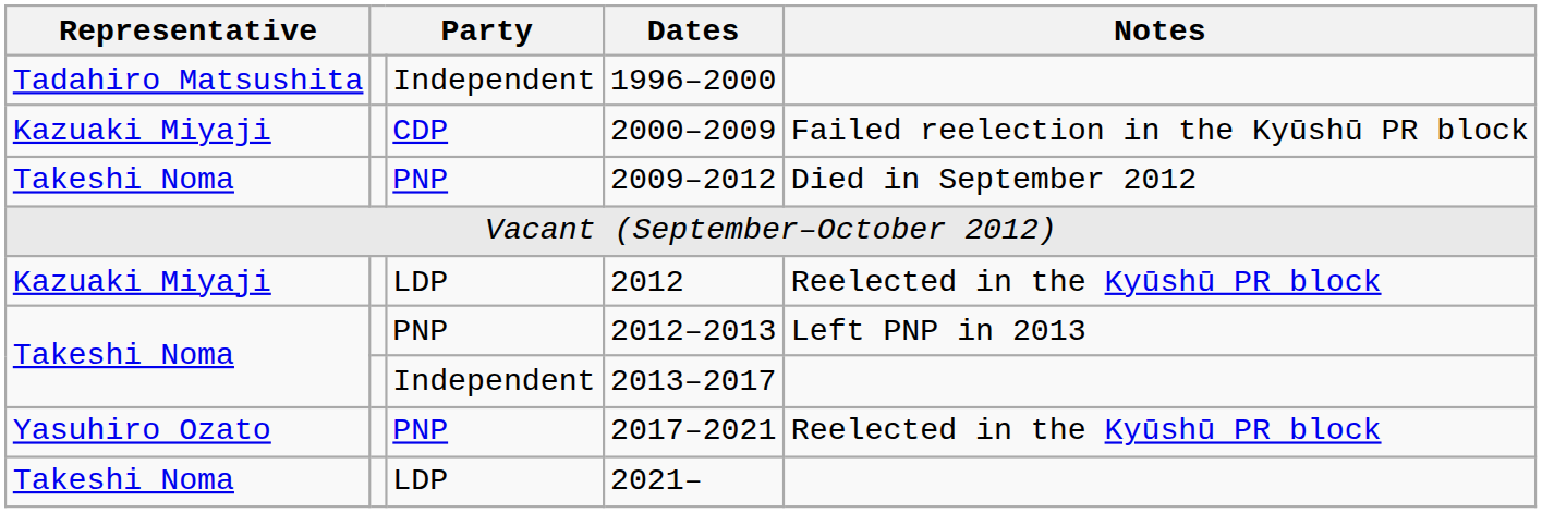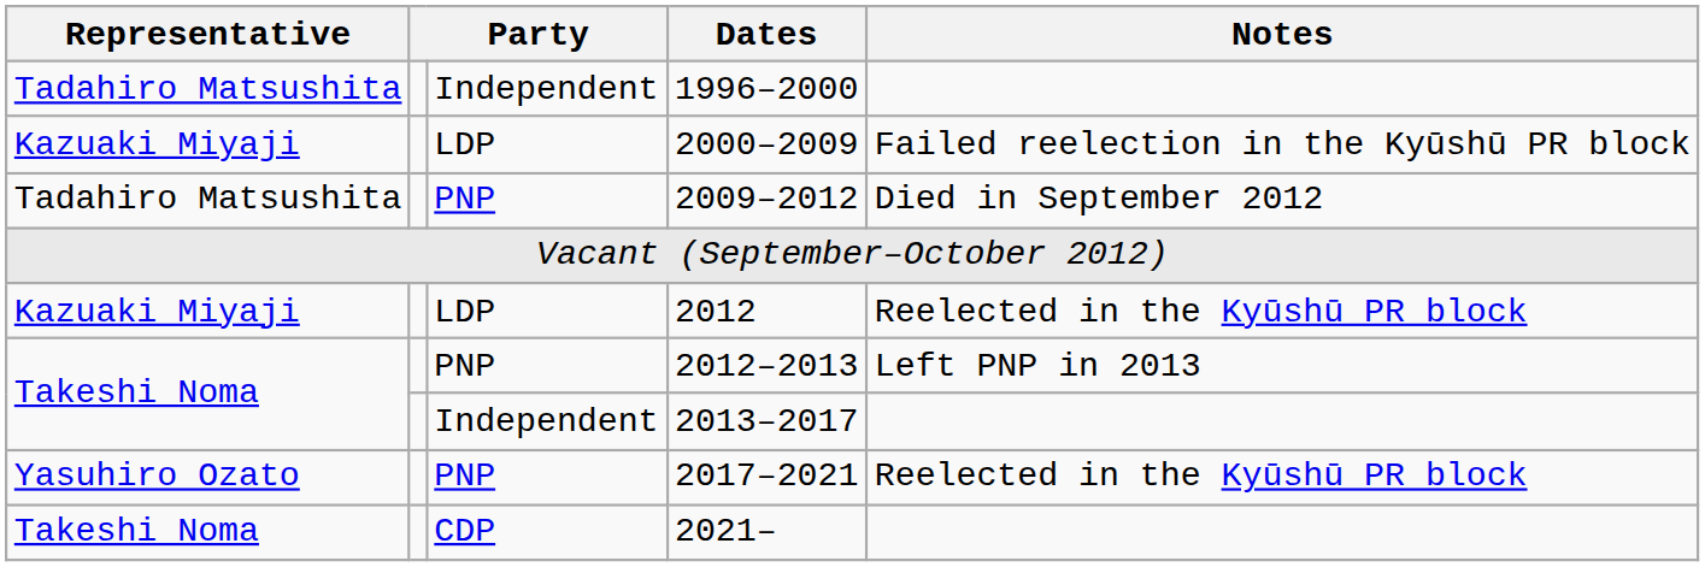 <table class="wikitable">
 <tr valign="bottom">
 <th>Representative</th>
 <th colspan="2">Party</th>
 <th>Dates</th>
 <th>Notes</th>
 </tr>
 <tr>
 <td><a href='#'>Tadahiro Matsushita</a></td>
 <td></td>
 <td>Independent</td>
 <td>1996–2000</td>
 <td></td>
 </tr>
 <tr>
 <td><a href='#'>Kazuaki Miyaji</a></td>
 <td></td>
-<td><a href='#'>CDP</a></td>
+<td>LDP</td>
 <td>2000–2009</td>
 <td>Failed reelection in the Kyūshū PR block</td>
 </tr>
 <tr>
-<td><a href='#'>Takeshi Noma</a></td>
+<td>Tadahiro Matsushita</td>
 <td></td>
 <td><a href='#'>PNP</a></td>
 <td>2009–2012</td>
 <td>Died in September 2012</td>
 </tr>
 <tr>
 <td colspan="5" style="background-color:#E9E9E9" align="center"><em>Vacant (September–October 2012)</em></td>
 </tr>
 <tr>
 <td><a href='#'>Kazuaki Miyaji</a></td>
 <td></td>
 <td>LDP</td>
 <td>2012</td>
 <td>Reelected in the <a href='#'>Kyūshū PR block</a></td>
 </tr>
 <tr>
 <td rowspan="2"><a href='#'>Takeshi Noma</a></td>
 <td></td>
 <td>PNP</td>
 <td>2012–2013</td>
 <td>Left PNP in 2013</td>
 </tr>
 <tr>
 <td></td>
 <td>Independent</td>
 <td>2013–2017</td>
 <td></td>
 </tr>
 <tr>
 <td><a href='#'>Yasuhiro Ozato</a></td>
 <td></td>
 <td><a href='#'>PNP</a></td>
 <td>2017–2021</td>
 <td>Reelected in the <a href='#'>Kyūshū PR block</a></td>
 </tr>
 <tr>
 <td><a href='#'>Takeshi Noma</a></td>
 <td></td>
-<td>LDP</td>
+<td><a href='#'>CDP</a></td>
 <td>2021–</td>
 <td></td>
 </tr>
 </table>
